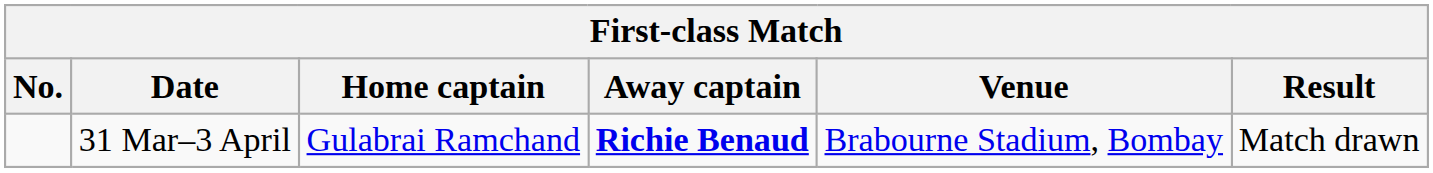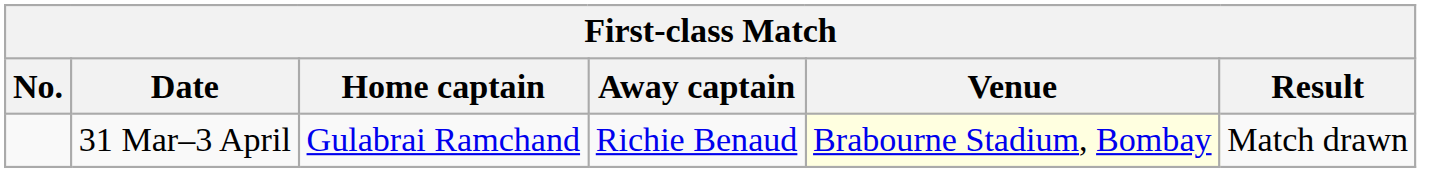 <table class="wikitable">
 <tr>
 <th colspan="9">First-class Match</th>
 </tr>
 <tr>
 <th>No.</th>
 <th>Date</th>
 <th>Home captain</th>
 <th>Away captain</th>
 <th>Venue</th>
 <th>Result</th>
 </tr>
 <tr>
 <td></td>
 <td>31 Mar–3 April</td>
 <td><a href='#'>Gulabrai Ramchand</a></td>
-<td><strong><a href='#'>Richie Benaud</a></strong></td>
-<td><a href='#'>Brabourne Stadium</a>, <a href='#'>Bombay</a></td>
+<td><a href='#'>Richie Benaud</a></td>
+<td style="background: lightyellow;"><a href='#'>Brabourne Stadium</a>, <a href='#'>Bombay</a></td>
 <td>Match drawn</td>
 </tr>
 </table>
